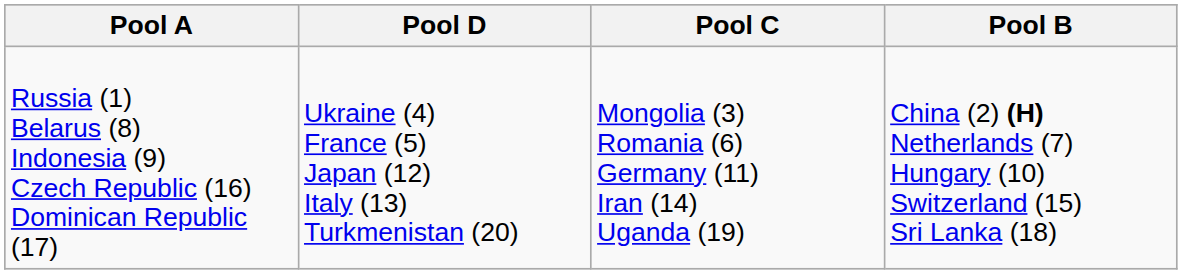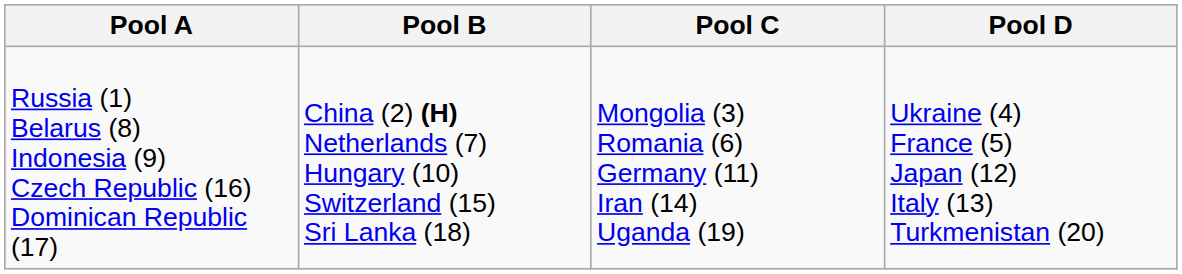 <table class="wikitable" width=80%>
 <tr>
 <th width=25%><strong>Pool A</strong></th>
+<th width=25%><strong>Pool B</strong></th>
+<th width=25%><strong>Pool C</strong></th>
 <th width=25%><strong>Pool D</strong></th>
-<th width=25%><strong>Pool C</strong></th>
-<th width=25%><strong>Pool B</strong></th>
 </tr>
 <tr>
 <td><br> <a href='#'>Russia</a> (1) <br>  <a href='#'>Belarus</a> (8) <br>  <a href='#'>Indonesia</a> (9) <br>  <a href='#'>Czech Republic</a> (16) <br>  <a href='#'>Dominican Republic</a> (17) <br></td>
+<td><br> <a href='#'>China</a> (2) <strong>(H)</strong> <br>  <a href='#'>Netherlands</a> (7)<br>   <a href='#'>Hungary</a> (10)<br>   <a href='#'>Switzerland</a> (15) <br>  <a href='#'>Sri Lanka</a> (18) <br></td>
+<td><br> <a href='#'>Mongolia</a> (3) <br>   <a href='#'>Romania</a> (6) <br>   <a href='#'>Germany</a> (11) <br>   <a href='#'>Iran</a> (14) <br>  <a href='#'>Uganda</a> (19) <br></td>
 <td><br> <a href='#'>Ukraine</a> (4) <br>  <a href='#'>France</a> (5) <br>  <a href='#'>Japan</a> (12) <br>  <a href='#'>Italy</a> (13) <br>  <a href='#'>Turkmenistan</a> (20) <br></td>
-<td><br> <a href='#'>Mongolia</a> (3) <br>   <a href='#'>Romania</a> (6) <br>   <a href='#'>Germany</a> (11) <br>   <a href='#'>Iran</a> (14) <br>  <a href='#'>Uganda</a> (19) <br></td>
-<td><br> <a href='#'>China</a> (2) <strong>(H)</strong> <br>  <a href='#'>Netherlands</a> (7)<br>   <a href='#'>Hungary</a> (10)<br>   <a href='#'>Switzerland</a> (15) <br>  <a href='#'>Sri Lanka</a> (18) <br></td>
 </tr>
 </table>
